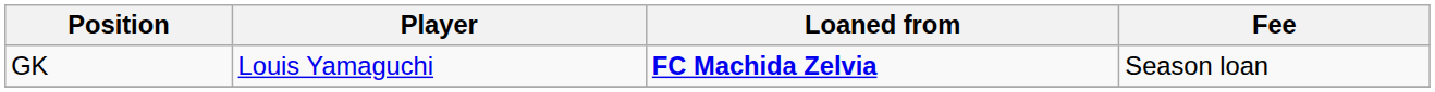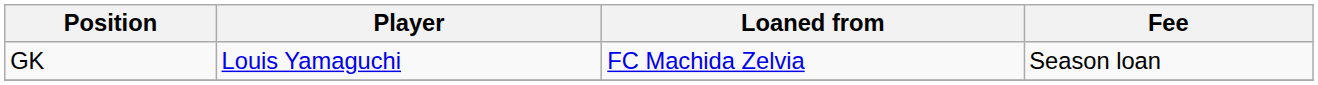 <table class="wikitable sortable" style="width:70%; text-align:center; font-size:100%; text-align:left;">
 <tr>
 <th>Position</th>
 <th>Player</th>
 <th>Loaned from</th>
 <th>Fee</th>
 </tr>
 <tr>
 <td>GK</td>
 <td> <a href='#'>Louis Yamaguchi</a></td>
-<td><strong> <a href='#'>FC Machida Zelvia</a></strong></td>
+<td> <a href='#'>FC Machida Zelvia</a></td>
 <td>Season loan </td>
 </tr>
 <tr>
 </tr>
 </table>
